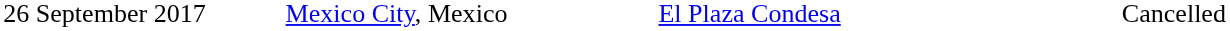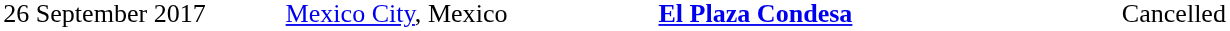 <table cellpadding="2" style="border:0 solid darkgrey; font-size:90%">
 <tr>
 <th style="width:150px;"></th>
 <th style="width:200px;"></th>
 <th style="width:250px;"></th>
 <th style="width:700px;"></th>
 </tr>
 <tr border="0">
 </tr>
 <tr>
 <td>26 September 2017</td>
 <td><a href='#'>Mexico City</a>, Mexico</td>
-<td><a href='#'>El Plaza Condesa</a></td>
+<td><strong><a href='#'>El Plaza Condesa</a></strong></td>
 <td>Cancelled</td>
 </tr>
 <tr>
 </tr>
 </table>
